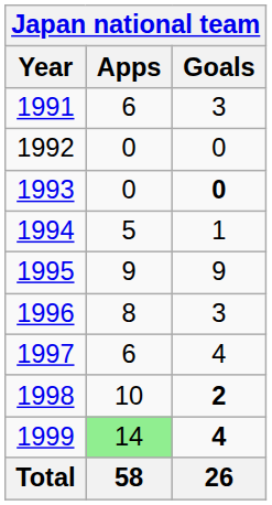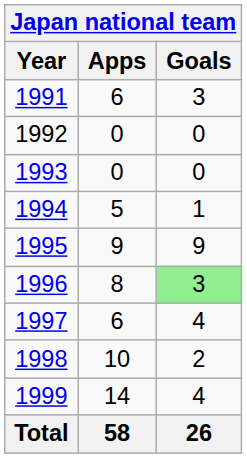 <table class="wikitable" style="text-align:center">
 <tr>
 <th colspan=3><a href='#'>Japan national team</a></th>
 </tr>
 <tr>
 <th>Year</th>
 <th>Apps</th>
 <th>Goals</th>
 </tr>
 <tr>
 <td><a href='#'>1991</a></td>
 <td>6</td>
 <td>3</td>
 </tr>
 <tr>
 <td>1992</td>
 <td>0</td>
 <td>0</td>
 </tr>
 <tr>
 <td><a href='#'>1993</a></td>
 <td>0</td>
-<td><strong>0</strong></td>
+<td>0</td>
 </tr>
 <tr>
 <td><a href='#'>1994</a></td>
 <td>5</td>
 <td>1</td>
 </tr>
 <tr>
 <td><a href='#'>1995</a></td>
 <td>9</td>
 <td>9</td>
 </tr>
 <tr>
 <td><a href='#'>1996</a></td>
 <td>8</td>
-<td>3</td>
+<td style="background: lightgreen;">3</td>
 </tr>
 <tr>
 <td><a href='#'>1997</a></td>
 <td>6</td>
 <td>4</td>
 </tr>
 <tr>
 <td><a href='#'>1998</a></td>
 <td>10</td>
-<td><strong>2</strong></td>
+<td>2</td>
 </tr>
 <tr>
 <td><a href='#'>1999</a></td>
-<td style="background: lightgreen;">14</td>
-<td><strong>4</strong></td>
+<td>14</td>
+<td>4</td>
 </tr>
 <tr>
 <th>Total</th>
 <th>58</th>
 <th>26</th>
 </tr>
 </table>
